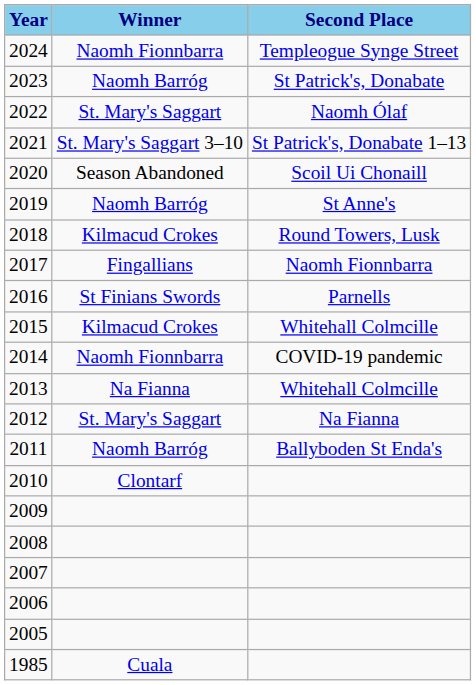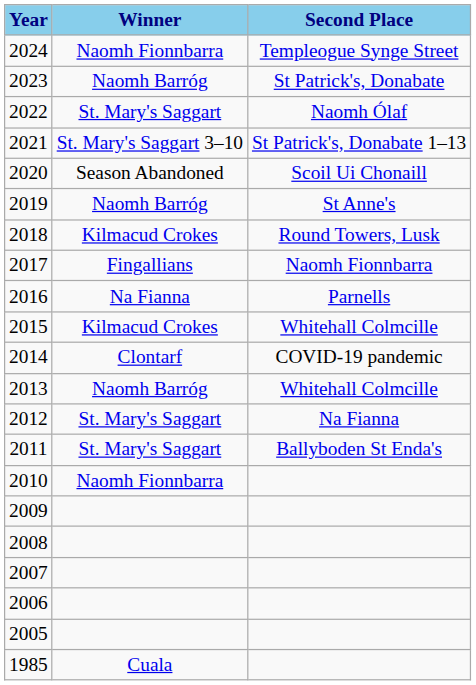 <table class="wikitable" style="text-align:center;">
 <tr>
 <th style="background:skyblue;color:navy;">Year</th>
 <th style="background:skyblue;color:navy;">Winner</th>
 <th style="background:skyblue;color:navy;">Second Place</th>
 </tr>
 <tr>
 <td>2024</td>
 <td><a href='#'>Naomh Fionnbarra</a></td>
 <td><a href='#'>Templeogue Synge Street</a></td>
 </tr>
 <tr>
 <td>2023</td>
 <td><a href='#'>Naomh Barróg</a></td>
 <td><a href='#'>St Patrick's, Donabate</a></td>
 </tr>
 <tr>
 <td>2022</td>
 <td><a href='#'>St. Mary's Saggart</a></td>
 <td><a href='#'>Naomh Ólaf</a></td>
 </tr>
 <tr>
 <td>2021</td>
 <td><a href='#'>St. Mary's Saggart</a> 3–10</td>
 <td><a href='#'>St Patrick's, Donabate</a> 1–13</td>
 </tr>
 <tr>
 <td>2020</td>
 <td>Season Abandoned</td>
 <td><a href='#'>Scoil Ui Chonaill</a></td>
 </tr>
 <tr>
 <td>2019</td>
 <td><a href='#'>Naomh Barróg</a></td>
 <td><a href='#'>St Anne's</a></td>
 </tr>
 <tr>
 <td>2018</td>
 <td><a href='#'>Kilmacud Crokes</a></td>
 <td><a href='#'>Round Towers, Lusk</a></td>
 </tr>
 <tr>
 <td>2017</td>
 <td><a href='#'>Fingallians</a></td>
 <td><a href='#'>Naomh Fionnbarra</a></td>
 </tr>
 <tr>
 <td>2016</td>
-<td><a href='#'>St Finians Swords</a></td>
+<td><a href='#'>Na Fianna</a></td>
 <td><a href='#'>Parnells</a></td>
 </tr>
 <tr>
 <td>2015</td>
 <td><a href='#'>Kilmacud Crokes</a></td>
 <td><a href='#'>Whitehall Colmcille</a></td>
 </tr>
 <tr>
 <td>2014</td>
-<td><a href='#'>Naomh Fionnbarra</a></td>
+<td><a href='#'>Clontarf</a></td>
 <td>COVID-19 pandemic</td>
 </tr>
 <tr>
 <td>2013</td>
-<td><a href='#'>Na Fianna</a></td>
+<td><a href='#'>Naomh Barróg</a></td>
 <td><a href='#'>Whitehall Colmcille</a></td>
 </tr>
 <tr>
 <td>2012</td>
 <td><a href='#'>St. Mary's Saggart</a></td>
 <td><a href='#'>Na Fianna</a></td>
 </tr>
 <tr>
 <td>2011</td>
-<td><a href='#'>Naomh Barróg</a></td>
+<td><a href='#'>St. Mary's Saggart</a></td>
 <td><a href='#'>Ballyboden St Enda's</a></td>
 </tr>
 <tr>
 <td>2010</td>
-<td><a href='#'>Clontarf</a></td>
+<td><a href='#'>Naomh Fionnbarra</a></td>
 <td></td>
 </tr>
 <tr>
 <td>2009</td>
 <td></td>
 <td></td>
 </tr>
 <tr>
 <td>2008</td>
 <td></td>
 <td></td>
 </tr>
 <tr>
 <td>2007</td>
 <td></td>
 <td></td>
 </tr>
 <tr>
 <td>2006</td>
 <td></td>
 <td></td>
 </tr>
 <tr>
 <td>2005</td>
 <td></td>
 <td></td>
 </tr>
 <tr>
 <td>1985</td>
 <td><a href='#'>Cuala</a></td>
 <td></td>
 </tr>
 </table>
